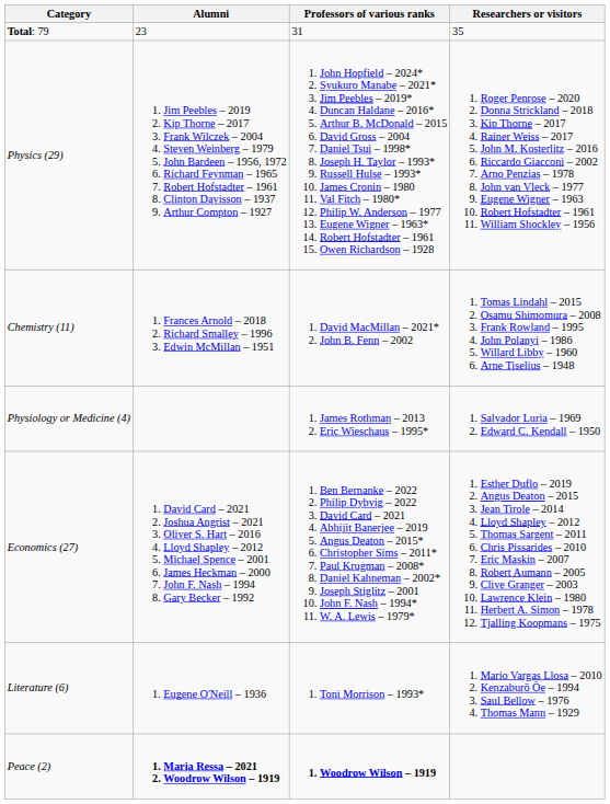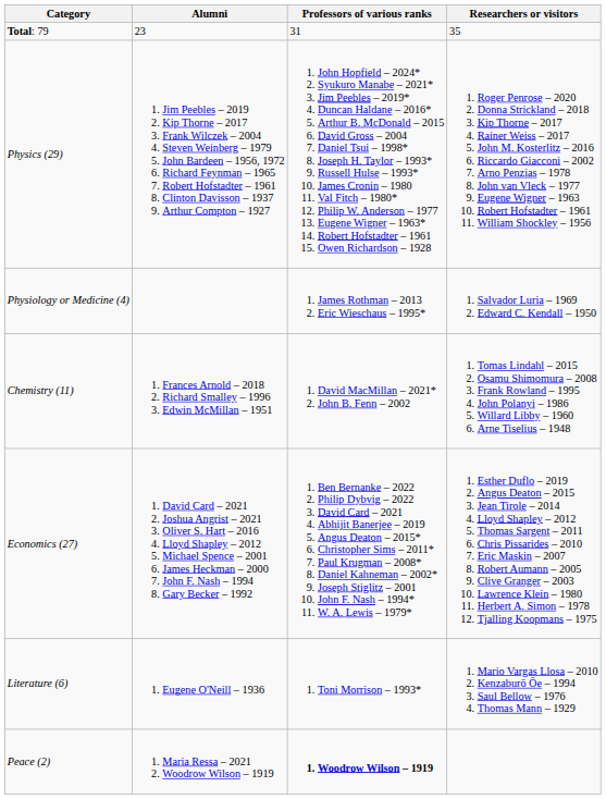 <table class="wikitable">
 <tr>
 <th>Category</th>
 <th>Alumni</th>
 <th>Professors of various ranks</th>
 <th>Researchers or visitors</th>
 </tr>
 <tr>
 <td><strong>Total</strong>: 79</td>
 <td>23</td>
 <td>31</td>
 <td>35</td>
 </tr>
 <tr>
 <td><em>Physics (29)</em></td>
 <td><br><ol><li><a href='#'>Jim Peebles</a> – 2019</li><li><a href='#'>Kip Thorne</a> – 2017</li><li><a href='#'>Frank Wilczek</a> – 2004</li><li><a href='#'>Steven Weinberg</a> – 1979</li><li><a href='#'>John Bardeen</a> – 1956, 1972</li><li><a href='#'>Richard Feynman</a> – 1965</li><li><a href='#'>Robert Hofstadter</a> – 1961</li><li><a href='#'>Clinton Davisson</a> – 1937</li><li><a href='#'>Arthur Compton</a> – 1927</li></ol></td>
 <td><br><ol><li><a href='#'>John Hopfield</a> – 2024*</li><li><a href='#'>Syukuro Manabe</a> – 2021*</li><li><a href='#'><u>Jim Peebles</u></a> – 2019*</li><li><a href='#'>Duncan Haldane</a> – 2016*</li><li><a href='#'>Arthur B. McDonald</a> – 2015</li><li><a href='#'>David Gross</a> – 2004</li><li><a href='#'>Daniel Tsui</a> – 1998*</li><li><a href='#'>Joseph H. Taylor</a> – 1993*</li><li><a href='#'>Russell Hulse</a> – 1993*</li><li><a href='#'>James Cronin</a> – 1980</li><li><a href='#'>Val Fitch</a> – 1980*</li><li><a href='#'>Philip W. Anderson</a> – 1977</li><li><a href='#'>Eugene Wigner</a> – 1963*</li><li><a href='#'><u>Robert Hofstadter</u></a> – 1961</li><li><a href='#'>Owen Richardson</a> – 1928</li></ol></td>
 <td><br><ol><li><a href='#'>Roger Penrose</a> – 2020</li><li><a href='#'>Donna Strickland</a> – 2018</li><li><a href='#'><u>Kip Thorne</u></a> – 2017</li><li><a href='#'>Rainer Weiss</a> – 2017</li><li><a href='#'>John M. Kosterlitz</a> – 2016</li><li><a href='#'>Riccardo Giacconi</a> – 2002</li><li><a href='#'>Arno Penzias</a> – 1978</li><li><a href='#'>John van Vleck</a> – 1977</li><li><a href='#'><u>Eugene Wigner</u></a> – 1963</li><li><a href='#'><u>Robert Hofstadter</u></a> – 1961</li><li><a href='#'>William Shockley</a> – 1956</li></ol></td>
 </tr>
 <tr>
+<td><em>Physiology or Medicine (4)</em></td>
+<td></td>
+<td><br><ol><li><a href='#'>James Rothman</a> – 2013</li><li><a href='#'>Eric Wieschaus</a> – 1995*</li></ol></td>
+<td><br><ol><li><a href='#'>Salvador Luria</a> – 1969</li><li><a href='#'>Edward C. Kendall</a> – 1950</li></ol></td>
+</tr>
+<tr>
 <td><em>Chemistry (11)</em></td>
 <td><br><ol><li><a href='#'>Frances Arnold</a> – 2018</li><li><a href='#'>Richard Smalley</a> – 1996</li><li><a href='#'>Edwin McMillan</a> – 1951</li></ol></td>
 <td><br><ol><li><a href='#'>David MacMillan</a> – 2021*</li><li><a href='#'>John B. Fenn</a> – 2002</li></ol></td>
 <td><br><ol><li><a href='#'>Tomas Lindahl</a> – 2015</li><li><a href='#'>Osamu Shimomura</a> – 2008</li><li><a href='#'>Frank Rowland</a> – 1995</li><li><a href='#'>John Polanyi</a> – 1986</li><li><a href='#'>Willard Libby</a> – 1960</li><li><a href='#'>Arne Tiselius</a> – 1948</li></ol></td>
-</tr>
-<tr>
-<td><em>Physiology or Medicine (4)</em></td>
-<td></td>
-<td><br><ol><li><a href='#'>James Rothman</a> – 2013</li><li><a href='#'>Eric Wieschaus</a> – 1995*</li></ol></td>
-<td><br><ol><li><a href='#'>Salvador Luria</a> – 1969</li><li><a href='#'>Edward C. Kendall</a> – 1950</li></ol></td>
 </tr>
 <tr>
 <td><em>Economics (27)</em></td>
 <td><br><ol><li><a href='#'>David Card</a> – 2021</li><li><a href='#'>Joshua Angrist</a> – 2021</li><li><a href='#'>Oliver S. Hart</a> – 2016</li><li><a href='#'>Lloyd Shapley</a> – 2012</li><li><a href='#'>Michael Spence</a> – 2001</li><li><a href='#'>James Heckman</a> – 2000</li><li><a href='#'>John F. Nash</a> – 1994</li><li><a href='#'>Gary Becker</a> – 1992</li></ol></td>
 <td><br><ol><li><a href='#'>Ben Bernanke</a> – 2022</li><li><a href='#'>Philip Dybvig</a> – 2022</li><li><a href='#'><u>David Card</u></a> – 2021</li><li><a href='#'>Abhijit Banerjee</a> – 2019</li><li><a href='#'>Angus Deaton</a> – 2015*</li><li><a href='#'>Christopher Sims</a> – 2011*</li><li><a href='#'>Paul Krugman</a> – 2008*</li><li><a href='#'>Daniel Kahneman</a> – 2002*</li><li><a href='#'>Joseph Stiglitz</a> – 2001</li><li><a href='#'><u>John F. Nash</u></a> – 1994*</li><li><a href='#'>W. A. Lewis</a> – 1979*</li></ol></td>
 <td><br><ol><li><a href='#'>Esther Duflo</a> – 2019</li><li><a href='#'><u>Angus Deaton</u></a> – 2015</li><li><a href='#'>Jean Tirole</a> – 2014</li><li><a href='#'><u>Lloyd Shapley</u></a> – 2012</li><li><a href='#'>Thomas Sargent</a> – 2011</li><li><a href='#'>Chris Pissarides</a> – 2010</li><li><a href='#'>Eric Maskin</a> – 2007</li><li><a href='#'>Robert Aumann</a> – 2005</li><li><a href='#'>Clive Granger</a> – 2003</li><li><a href='#'>Lawrence Klein</a> – 1980</li><li><a href='#'>Herbert A. Simon</a> – 1978</li><li><a href='#'>Tjalling Koopmans</a> – 1975</li></ol></td>
 </tr>
 <tr>
 <td><em>Literature (6)</em></td>
 <td><br><ol><li><a href='#'>Eugene O'Neill</a> – 1936</li></ol></td>
 <td><br><ol><li><a href='#'>Toni Morrison</a> – 1993*</li></ol></td>
 <td><br><ol><li><a href='#'>Mario Vargas Llosa</a> – 2010</li><li><a href='#'>Kenzaburō Ōe</a> – 1994</li><li><a href='#'>Saul Bellow</a> – 1976</li><li><a href='#'>Thomas Mann</a> – 1929</li></ol></td>
 </tr>
 <tr>
 <td><em>Peace (2)</em></td>
-<td><strong><br><ol><li><a href='#'>Maria Ressa</a> – 2021</li><li><a href='#'>Woodrow Wilson</a> – 1919</li></ol></strong></td>
+<td><br><ol><li><a href='#'>Maria Ressa</a> – 2021</li><li><a href='#'>Woodrow Wilson</a> – 1919</li></ol></td>
 <td><strong><br><ol><li><a href='#'><u>Woodrow Wilson</u></a> – 1919</li></ol></strong></td>
 <td></td>
 </tr>
 </table>
